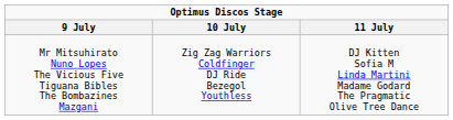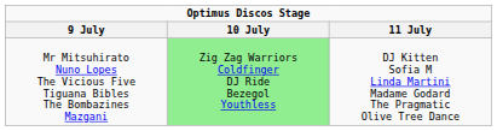 <table class="wikitable">
 <tr>
 <td colspan="3" align="center"><strong>Optimus Discos Stage</strong></td>
 </tr>
 <tr>
 <th>9 July</th>
 <th>10 July</th>
 <th>11 July</th>
 </tr>
 <tr>
 <td valign="top" align="center" width="200"><br>Mr Mitsuhirato<br><a href='#'>Nuno Lopes</a><br>The Vicious Five<br>Tiguana Bibles<br>The Bombazines<br><a href='#'>Mazgani</a></td>
-<td valign="top" align="center" width="200"><br>Zig Zag Warriors<br><a href='#'>Coldfinger</a><br>DJ Ride<br>Bezegol<br><a href='#'>Youthless</a></td>
+<td valign="top" align="center" width="200" style="background: lightgreen;"><br>Zig Zag Warriors<br><a href='#'>Coldfinger</a><br>DJ Ride<br>Bezegol<br><a href='#'>Youthless</a></td>
 <td valign="top" align="center" width="200"><br>DJ Kitten<br>Sofia M<br><a href='#'>Linda Martini</a><br>Madame Godard<br>The Pragmatic<br>Olive Tree Dance</td>
 </tr>
 </table>
